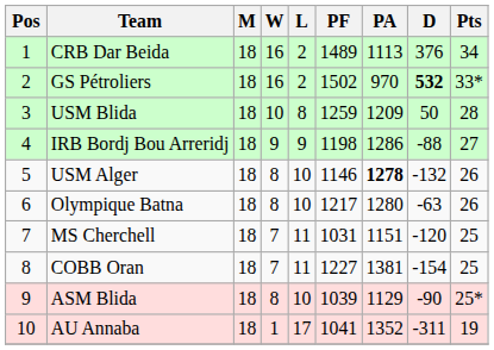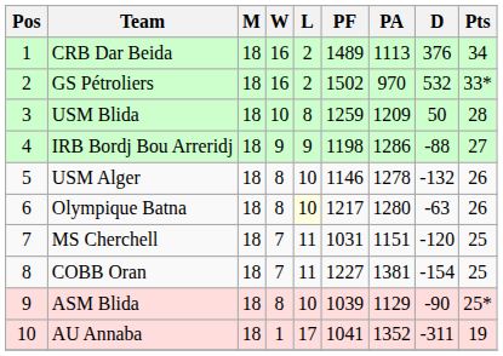 <table class="wikitable" style="text-align:center; font-size:90%">
 <tr>
 <th width=25>Pos</th>
 <th>Team</th>
 <th>M</th>
 <th>W</th>
 <th>L</th>
 <th>PF</th>
 <th>PA</th>
 <th>D</th>
 <th>Pts</th>
 </tr>
 <tr bgcolor=#ccffcc>
 <td>1</td>
 <td align="left">CRB Dar Beida</td>
 <td>18</td>
 <td>16</td>
 <td>2</td>
 <td>1489</td>
 <td>1113</td>
 <td>376</td>
 <td>34</td>
 </tr>
 <tr bgcolor=#ccffcc>
 <td>2</td>
 <td align="left">GS Pétroliers</td>
 <td>18</td>
 <td>16</td>
 <td>2</td>
 <td>1502</td>
 <td>970</td>
-<td><strong>532</strong></td>
+<td>532</td>
 <td>33*</td>
 </tr>
 <tr bgcolor=#ccffcc>
 <td>3</td>
 <td align="left">USM Blida</td>
 <td>18</td>
 <td>10</td>
 <td>8</td>
 <td>1259</td>
 <td>1209</td>
 <td>50</td>
 <td>28</td>
 </tr>
 <tr bgcolor=#ccffcc>
 <td>4</td>
 <td align="left">IRB Bordj Bou Arreridj</td>
 <td>18</td>
 <td>9</td>
 <td>9</td>
 <td>1198</td>
 <td>1286</td>
 <td>-88</td>
 <td>27</td>
 </tr>
 <tr>
 <td>5</td>
 <td align="left">USM Alger</td>
 <td>18</td>
 <td>8</td>
 <td>10</td>
 <td>1146</td>
-<td><strong>1278</strong></td>
+<td>1278</td>
 <td>-132</td>
 <td>26</td>
 </tr>
 <tr>
 <td>6</td>
 <td align="left">Olympique Batna</td>
 <td>18</td>
 <td>8</td>
-<td>10</td>
+<td style="background: lightyellow;">10</td>
 <td>1217</td>
 <td>1280</td>
 <td>-63</td>
 <td>26</td>
 </tr>
 <tr>
 <td>7</td>
 <td align="left">MS Cherchell</td>
 <td>18</td>
 <td>7</td>
 <td>11</td>
 <td>1031</td>
 <td>1151</td>
 <td>-120</td>
 <td>25</td>
 </tr>
 <tr>
 <td>8</td>
 <td align=left>COBB Oran</td>
 <td>18</td>
 <td>7</td>
 <td>11</td>
 <td>1227</td>
 <td>1381</td>
 <td>-154</td>
 <td>25</td>
 </tr>
 <tr bgcolor=#ffdddd>
 <td>9</td>
 <td align=left>ASM Blida</td>
 <td>18</td>
 <td>8</td>
 <td>10</td>
 <td>1039</td>
 <td>1129</td>
 <td>-90</td>
 <td>25*</td>
 </tr>
 <tr bgcolor=#ffdddd>
 <td>10</td>
 <td align=left>AU Annaba</td>
 <td>18</td>
 <td>1</td>
 <td>17</td>
 <td>1041</td>
 <td>1352</td>
 <td>-311</td>
 <td>19</td>
 </tr>
 <tr>
 </tr>
 </table>
